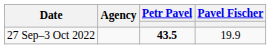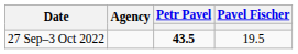 <table class="wikitable" style=text-align:center;font-size:85%;line-height:14px;">
 <tr>
 <th rowspan="2">Date</th>
 <th rowspan="2">Agency</th>
 <th><a href='#'>Petr Pavel</a></th>
 <th><a href='#'>Pavel Fischer</a></th>
 </tr>
 <tr>
 <th style="background:"></th>
 <th style="background:"></th>
 </tr>
 <tr>
 <td>27 Sep–3 Oct 2022</td>
 <td></td>
 <td><strong>43.5</strong></td>
-<td>19.9</td>
+<td>19.5</td>
 </tr>
 </table>
